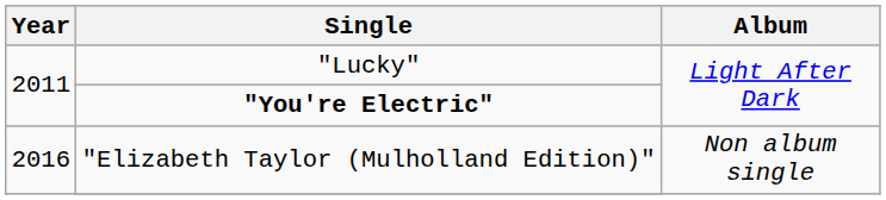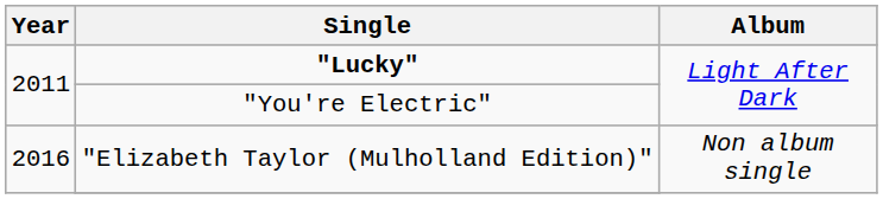 <table class="wikitable" style="text-align:center;">
 <tr>
 <th>Year</th>
 <th>Single</th>
 <th width="110">Album</th>
 </tr>
 <tr>
 <td rowspan="2">2011</td>
-<td>"Lucky"</td>
+<td><strong>"Lucky"</strong></td>
 <td rowspan="2"><em><a href='#'>Light After Dark</a></em></td>
 </tr>
 <tr>
-<td><strong>"You're Electric"</strong></td>
+<td>"You're Electric"</td>
 </tr>
 <tr>
 <td rowspan="2">2016</td>
 <td>"Elizabeth Taylor (Mulholland Edition)"</td>
 <td rowspan="2"><em>Non album single </em></td>
 </tr>
 <tr>
 </tr>
 </table>
